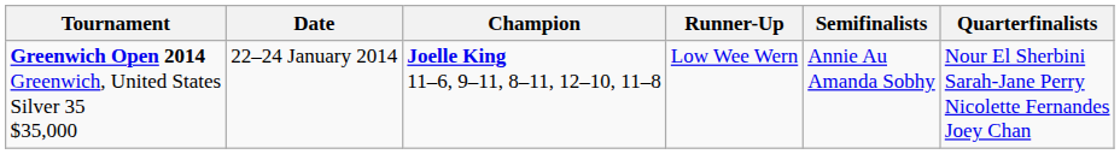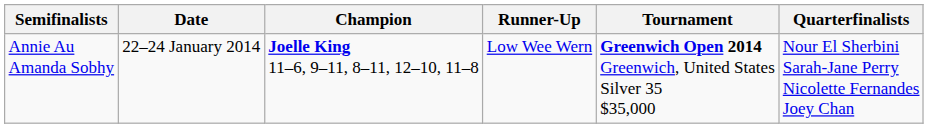 <table class="wikitable" style="font-size:88%">
 <tr>
-<th>Tournament</th>
+<th>Semifinalists</th>
 <th>Date</th>
 <th>Champion</th>
 <th>Runner-Up</th>
-<th>Semifinalists</th>
+<th>Tournament</th>
 <th>Quarterfinalists</th>
 </tr>
 <tr valign=top>
-<td><strong><a href='#'>Greenwich Open</a> 2014</strong><br> <a href='#'>Greenwich</a>, United States<br>Silver 35<br>$35,000</td>
+<td> <a href='#'>Annie Au</a><br> <a href='#'>Amanda Sobhy</a></td>
 <td>22–24 January 2014</td>
 <td> <strong><a href='#'>Joelle King</a></strong><br>11–6, 9–11, 8–11, 12–10, 11–8</td>
 <td> <a href='#'>Low Wee Wern</a></td>
-<td> <a href='#'>Annie Au</a><br> <a href='#'>Amanda Sobhy</a></td>
+<td><strong><a href='#'>Greenwich Open</a> 2014</strong><br> <a href='#'>Greenwich</a>, United States<br>Silver 35<br>$35,000</td>
 <td> <a href='#'>Nour El Sherbini</a><br> <a href='#'>Sarah-Jane Perry</a><br> <a href='#'>Nicolette Fernandes</a><br> <a href='#'>Joey Chan</a></td>
 </tr>
 </table>
